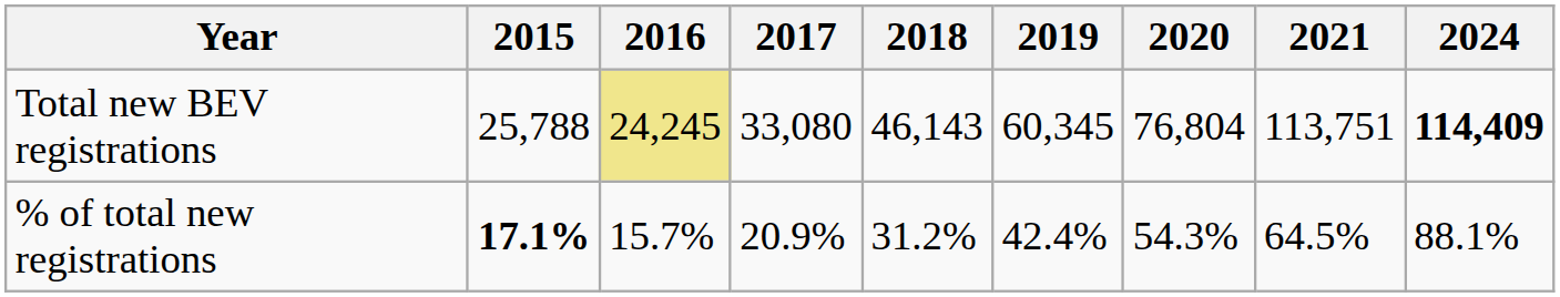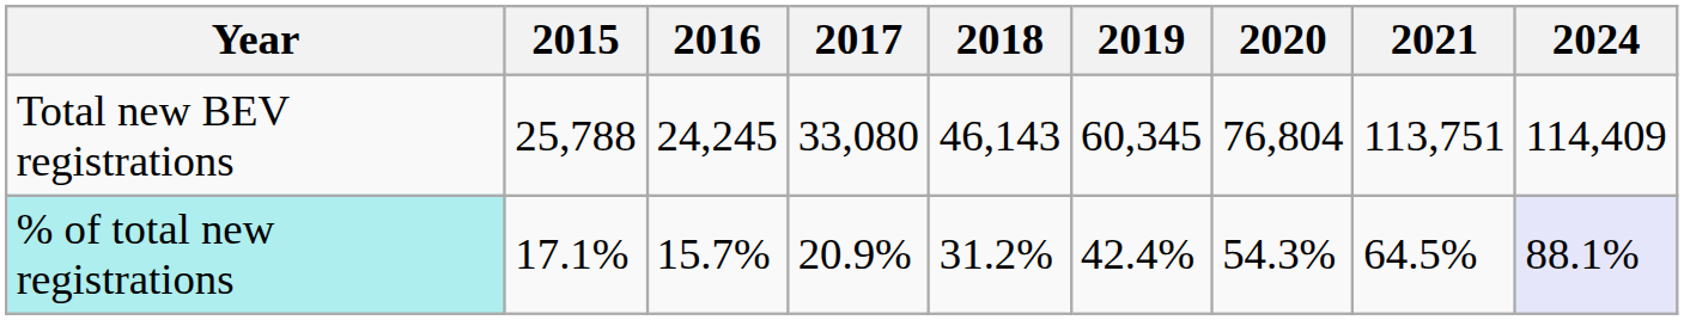 <table class="wikitable">
 <tr>
 <th>Year</th>
 <th>2015</th>
 <th>2016</th>
 <th>2017</th>
 <th>2018</th>
 <th>2019</th>
 <th>2020</th>
 <th>2021</th>
 <th>2024</th>
 </tr>
 <tr>
 <td>Total new BEV registrations</td>
 <td>25,788</td>
-<td style="background: khaki;">24,245</td>
+<td>24,245</td>
 <td>33,080</td>
 <td>46,143</td>
 <td>60,345</td>
 <td>76,804</td>
 <td>113,751</td>
-<td><strong>114,409</strong></td>
+<td>114,409</td>
 </tr>
 <tr>
-<td>% of total new registrations</td>
-<td><strong>17.1%</strong></td>
+<td style="background: paleturquoise;">% of total new registrations</td>
+<td>17.1%</td>
 <td>15.7%</td>
 <td>20.9%</td>
 <td>31.2%</td>
 <td>42.4%</td>
 <td>54.3%</td>
 <td>64.5%</td>
-<td>88.1%</td>
+<td style="background: lavender;">88.1%</td>
 </tr>
 </table>
